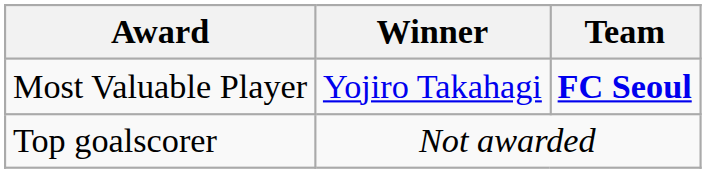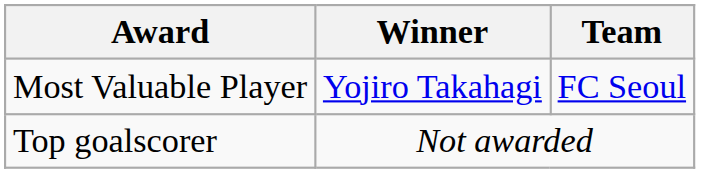 <table class="wikitable">
 <tr>
 <th>Award</th>
 <th>Winner</th>
 <th>Team</th>
 </tr>
 <tr>
 <td>Most Valuable Player</td>
 <td> <a href='#'>Yojiro Takahagi</a></td>
-<td><strong><a href='#'>FC Seoul</a></strong></td>
+<td><a href='#'>FC Seoul</a></td>
 </tr>
 <tr>
 <td>Top goalscorer</td>
 <td align=center colspan=2><em>Not awarded</em></td>
 </tr>
 </table>
